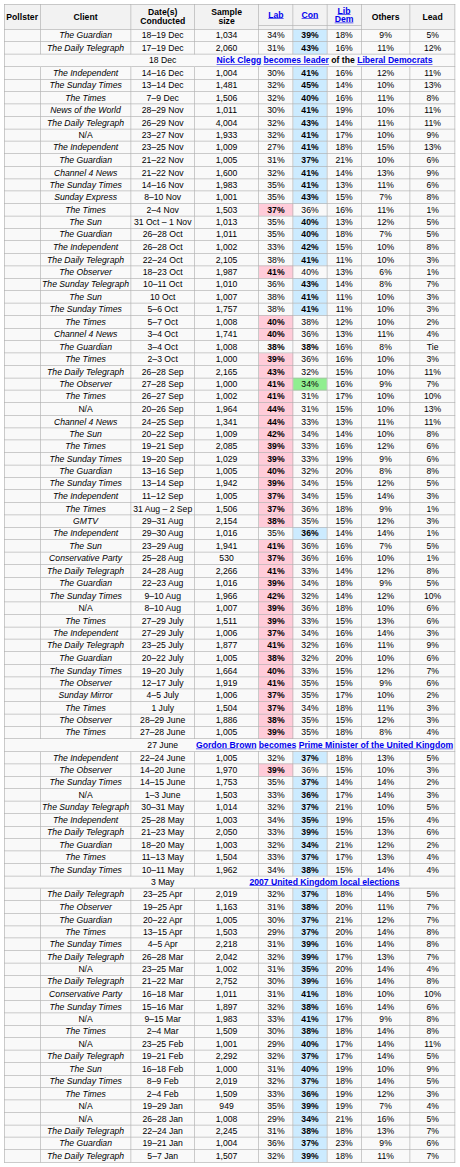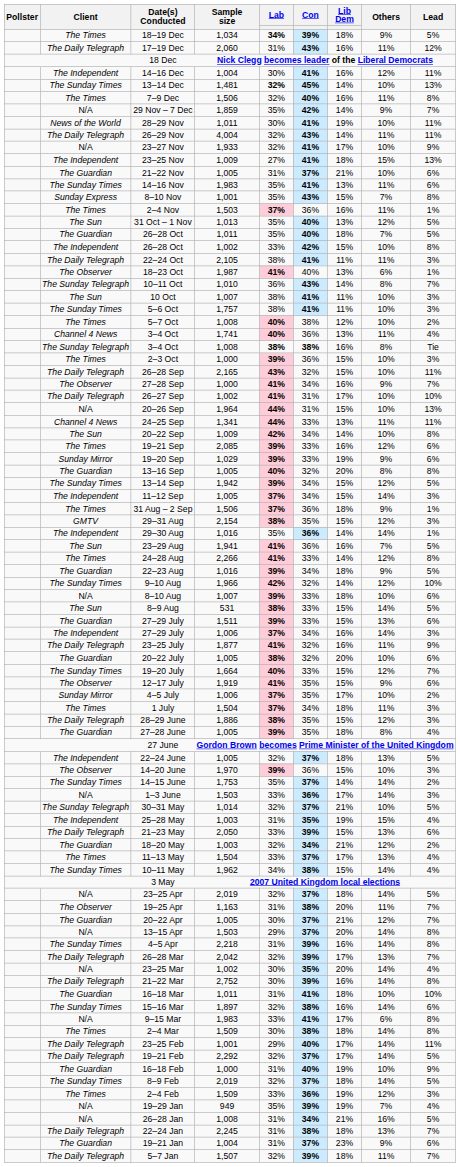 <table class="wikitable sortable mw-datatable" style="text-align:center;font-size:90%;line-height:14px;">
 <tr>
 <th rowspan="2">Pollster</th>
 <th rowspan="2">Client</th>
 <th rowspan="2">Date(s)<br>Conducted</th>
 <th rowspan="2" data-sort-type="number">Sample<br>size</th>
 <th class="unsortable" style="width:50px;"><a href='#'>Lab</a></th>
 <th class="unsortable" style="width:50px;"><a href='#'>Con</a></th>
 <th class="unsortable" style="width:50px;"><a href='#'>Lib Dem</a></th>
 <th rowspan="2" class="unsortable" style="width:75px;">Others</th>
 <th rowspan="2" data-sort-type="number">Lead</th>
 </tr>
 <tr>
 <th data-sort-type="number" style="background:"></th>
 <th data-sort-type="number" style="background:"></th>
 <th data-sort-type="number" style="background:"></th>
 </tr>
 <tr>
 <td></td>
-<td><em>The Guardian</em></td>
+<td><em>The Times</em></td>
 <td>18–19 Dec</td>
 <td>1,034</td>
-<td>34%</td>
+<td><strong>34%</strong></td>
 <td style="background:#CCEBFF;"><strong>39%</strong></td>
 <td>18%</td>
 <td>9%</td>
 <td style="background:">5%</td>
 </tr>
 <tr>
 <td></td>
 <td><em>The Daily Telegraph</em></td>
 <td>17–19 Dec</td>
 <td>2,060</td>
 <td>31%</td>
 <td style="background:#CCEBFF;"><strong>43%</strong></td>
 <td>16%</td>
 <td>11%</td>
 <td style="background:">12%</td>
 </tr>
 <tr>
 <td style="border-right-style:hidden;"></td>
 <td style="border-right-style:hidden;"></td>
 <td style="border-right-style:hidden;">18 Dec</td>
 <td colspan="6"><strong><a href='#'>Nick Clegg</a> <a href='#'>becomes leader</a> of the <a href='#'>Liberal Democrats</a></strong></td>
 </tr>
 <tr>
 <td></td>
 <td><em>The Independent</em></td>
 <td>14–16 Dec</td>
 <td>1,004</td>
 <td>30%</td>
 <td style="background:#CCEBFF;"><strong>41%</strong></td>
 <td>16%</td>
 <td>12%</td>
 <td style="background:">11%</td>
 </tr>
 <tr>
 <td></td>
 <td><em>The Sunday Times</em></td>
 <td>13–14 Dec</td>
 <td>1,481</td>
-<td>32%</td>
+<td><strong>32%</strong></td>
 <td style="background:#CCEBFF;"><strong>45%</strong></td>
 <td>14%</td>
 <td>10%</td>
 <td style="background:">13%</td>
 </tr>
 <tr>
 <td></td>
 <td><em>The Times</em></td>
 <td>7–9 Dec</td>
 <td>1,506</td>
 <td>32%</td>
 <td style="background:#CCEBFF;"><strong>40%</strong></td>
 <td>16%</td>
 <td>11%</td>
 <td style="background:">8%</td>
+</tr>
+<tr>
+<td></td>
+<td>N/A</td>
+<td>29 Nov – 7 Dec</td>
+<td>1,859</td>
+<td>35%</td>
+<td style="background:#CCEBFF;"><strong>42%</strong></td>
+<td>14%</td>
+<td>9%</td>
+<td style="background:">7%</td>
 </tr>
 <tr>
 <td></td>
 <td><em>News of the World</em></td>
 <td>28–29 Nov</td>
 <td>1,011</td>
 <td>30%</td>
 <td style="background:#CCEBFF;"><strong>41%</strong></td>
 <td>19%</td>
 <td>10%</td>
 <td style="background:">11%</td>
 </tr>
 <tr>
 <td></td>
 <td><em>The Daily Telegraph</em></td>
 <td>26–29 Nov</td>
 <td>4,004</td>
 <td>32%</td>
 <td style="background:#CCEBFF;"><strong>43%</strong></td>
 <td>14%</td>
 <td>11%</td>
 <td style="background:">11%</td>
 </tr>
 <tr>
 <td></td>
 <td>N/A</td>
 <td>23–27 Nov</td>
 <td>1,933</td>
 <td>32%</td>
 <td style="background:#CCEBFF;"><strong>41%</strong></td>
 <td>17%</td>
 <td>10%</td>
 <td style="background:">9%</td>
 </tr>
 <tr>
 <td></td>
 <td><em>The Independent</em></td>
 <td>23–25 Nov</td>
 <td>1,009</td>
 <td>27%</td>
 <td style="background:#CCEBFF;"><strong>41%</strong></td>
 <td>18%</td>
 <td>15%</td>
 <td style="background:">13%</td>
 </tr>
 <tr>
 <td></td>
 <td><em>The Guardian</em></td>
 <td>21–22 Nov</td>
 <td>1,005</td>
 <td>31%</td>
 <td style="background:#CCEBFF;"><strong>37%</strong></td>
 <td>21%</td>
 <td>10%</td>
 <td style="background:">6%</td>
-</tr>
-<tr>
-<td></td>
-<td><em>Channel 4 News</em></td>
-<td>21–22 Nov</td>
-<td>1,600</td>
-<td>32%</td>
-<td style="background:#CCEBFF;"><strong>41%</strong></td>
-<td>14%</td>
-<td>13%</td>
-<td style="background:">9%</td>
 </tr>
 <tr>
 <td></td>
 <td><em>The Sunday Times</em></td>
 <td>14–16 Nov</td>
 <td>1,983</td>
 <td>35%</td>
 <td style="background:#CCEBFF;"><strong>41%</strong></td>
 <td>13%</td>
 <td>11%</td>
 <td style="background:">6%</td>
 </tr>
 <tr>
 <td></td>
 <td><em>Sunday Express</em></td>
 <td>8–10 Nov</td>
 <td>1,001</td>
 <td>35%</td>
 <td style="background:#CCEBFF;"><strong>43%</strong></td>
 <td>15%</td>
 <td>7%</td>
 <td style="background:">8%</td>
 </tr>
 <tr>
 <td></td>
 <td><em>The Times</em></td>
 <td>2–4 Nov</td>
 <td>1,503</td>
 <td style="background:#FFCCD9;"><strong>37%</strong></td>
 <td>36%</td>
 <td>16%</td>
 <td>11%</td>
 <td style="background:">1%</td>
 </tr>
 <tr>
 <td></td>
 <td><em>The Sun</em></td>
 <td>31 Oct – 1 Nov</td>
 <td>1,013</td>
 <td>35%</td>
 <td style="background:#CCEBFF;"><strong>40%</strong></td>
 <td>13%</td>
 <td>12%</td>
 <td style="background:">5%</td>
 </tr>
 <tr>
 <td></td>
 <td><em>The Guardian</em></td>
 <td>26–28 Oct</td>
 <td>1,011</td>
 <td>35%</td>
 <td style="background:#CCEBFF;"><strong>40%</strong></td>
 <td>18%</td>
 <td>7%</td>
 <td style="background:">5%</td>
 </tr>
 <tr>
 <td></td>
 <td><em>The Independent</em></td>
 <td>26–28 Oct</td>
 <td>1,002</td>
 <td>33%</td>
 <td style="background:#CCEBFF;"><strong>42%</strong></td>
 <td>15%</td>
 <td>10%</td>
 <td style="background:">8%</td>
 </tr>
 <tr>
 <td></td>
 <td><em>The Daily Telegraph</em></td>
 <td>22–24 Oct</td>
 <td>2,105</td>
 <td>38%</td>
 <td style="background:#CCEBFF;"><strong>41%</strong></td>
 <td>11%</td>
-<td>10%</td>
+<td>11%</td>
 <td style="background:">3%</td>
 </tr>
 <tr>
 <td></td>
 <td><em>The Observer</em></td>
 <td>18–23 Oct</td>
 <td>1,987</td>
 <td style="background:#FFCCD9;"><strong>41%</strong></td>
 <td>40%</td>
 <td>13%</td>
 <td>6%</td>
 <td style="background:">1%</td>
 </tr>
 <tr>
 <td></td>
 <td><em>The Sunday Telegraph</em></td>
 <td>10–11 Oct</td>
 <td>1,010</td>
 <td>36%</td>
 <td style="background:#CCEBFF;"><strong>43%</strong></td>
 <td>14%</td>
 <td>8%</td>
 <td style="background:">7%</td>
 </tr>
 <tr>
 <td></td>
 <td><em>The Sun</em></td>
 <td>10 Oct</td>
 <td>1,007</td>
 <td>38%</td>
 <td style="background:#CCEBFF;"><strong>41%</strong></td>
 <td>11%</td>
 <td>10%</td>
 <td style="background:">3%</td>
 </tr>
 <tr>
 <td></td>
 <td><em>The Sunday Times</em></td>
 <td>5–6 Oct</td>
 <td>1,757</td>
 <td>38%</td>
 <td style="background:#CCEBFF;"><strong>41%</strong></td>
 <td>11%</td>
 <td>10%</td>
 <td style="background:">3%</td>
 </tr>
 <tr>
 <td></td>
 <td><em>The Times</em></td>
 <td>5–7 Oct</td>
 <td>1,008</td>
 <td style="background:#FFCCD9;"><strong>40%</strong></td>
 <td>38%</td>
 <td>12%</td>
 <td>10%</td>
 <td style="background:">2%</td>
 </tr>
 <tr>
 <td></td>
 <td><em>Channel 4 News</em></td>
 <td>3–4 Oct</td>
 <td>1,741</td>
 <td style="background:#FFCCD9;"><strong>40%</strong></td>
 <td>36%</td>
 <td>13%</td>
 <td>11%</td>
 <td style="background:">4%</td>
 </tr>
 <tr>
 <td></td>
-<td><em>The Guardian</em></td>
+<td><em>The Sunday Telegraph</em></td>
 <td>3–4 Oct</td>
 <td>1,008</td>
 <td><strong>38%</strong></td>
 <td><strong>38%</strong></td>
 <td>16%</td>
 <td>8%</td>
 <td>Tie</td>
 </tr>
 <tr>
 <td></td>
 <td><em>The Times</em></td>
 <td>2–3 Oct</td>
 <td>1,000</td>
 <td style="background:#FFCCD9;"><strong>39%</strong></td>
 <td>36%</td>
-<td>16%</td>
+<td>15%</td>
 <td>10%</td>
 <td style="background:">3%</td>
 </tr>
 <tr>
 <td></td>
 <td><em>The Daily Telegraph</em></td>
 <td>26–28 Sep</td>
 <td>2,165</td>
 <td style="background:#FFCCD9;"><strong>43%</strong></td>
 <td>32%</td>
 <td>15%</td>
 <td>10%</td>
 <td style="background:">11%</td>
 </tr>
 <tr>
 <td></td>
 <td><em>The Observer</em></td>
 <td>27–28 Sep</td>
 <td>1,000</td>
 <td style="background:#FFCCD9;"><strong>41%</strong></td>
-<td style="background: lightgreen;">34%</td>
+<td>34%</td>
 <td>16%</td>
 <td>9%</td>
 <td style="background:">7%</td>
 </tr>
 <tr>
 <td></td>
-<td><em>The Times</em></td>
+<td><em>The Daily Telegraph</em></td>
 <td>26–27 Sep</td>
 <td>1,002</td>
 <td style="background:#FFCCD9;"><strong>41%</strong></td>
 <td>31%</td>
 <td>17%</td>
 <td>10%</td>
 <td style="background:">10%</td>
 </tr>
 <tr>
 <td></td>
 <td>N/A</td>
 <td>20–26 Sep</td>
 <td>1,964</td>
 <td style="background:#FFCCD9;"><strong>44%</strong></td>
 <td>31%</td>
 <td>15%</td>
 <td>10%</td>
 <td style="background:">13%</td>
 </tr>
 <tr>
 <td></td>
 <td><em>Channel 4 News</em></td>
 <td>24–25 Sep</td>
 <td>1,341</td>
 <td style="background:#FFCCD9;"><strong>44%</strong></td>
 <td>33%</td>
 <td>13%</td>
 <td>11%</td>
 <td style="background:">11%</td>
 </tr>
 <tr>
 <td></td>
 <td><em>The Sun</em></td>
 <td>20–22 Sep</td>
 <td>1,009</td>
 <td style="background:#FFCCD9;"><strong>42%</strong></td>
 <td>34%</td>
 <td>14%</td>
 <td>10%</td>
 <td style="background:">8%</td>
 </tr>
 <tr>
 <td></td>
 <td><em>The Times</em></td>
 <td>19–21 Sep</td>
 <td>2,085</td>
 <td style="background:#FFCCD9;"><strong>39%</strong></td>
 <td>33%</td>
 <td>16%</td>
 <td>12%</td>
 <td style="background:">6%</td>
 </tr>
 <tr>
 <td></td>
-<td><em>The Sunday Times</em></td>
+<td><em>Sunday Mirror</em></td>
 <td>19–20 Sep</td>
 <td>1,029</td>
 <td style="background:#FFCCD9;"><strong>39%</strong></td>
 <td>33%</td>
 <td>19%</td>
 <td>9%</td>
 <td style="background:">6%</td>
 </tr>
 <tr>
 <td></td>
 <td><em>The Guardian</em></td>
 <td>13–16 Sep</td>
 <td>1,005</td>
 <td style="background:#FFCCD9;"><strong>40%</strong></td>
 <td>32%</td>
 <td>20%</td>
 <td>8%</td>
 <td style="background:">8%</td>
 </tr>
 <tr>
 <td></td>
 <td><em>The Sunday Times</em></td>
 <td>13–14 Sep</td>
 <td>1,942</td>
 <td style="background:#FFCCD9;"><strong>39%</strong></td>
 <td>34%</td>
 <td>15%</td>
 <td>12%</td>
 <td style="background:">5%</td>
 </tr>
 <tr>
 <td></td>
 <td><em>The Independent</em></td>
 <td>11–12 Sep</td>
 <td>1,005</td>
 <td style="background:#FFCCD9;"><strong>37%</strong></td>
 <td>34%</td>
 <td>15%</td>
 <td>14%</td>
 <td style="background:">3%</td>
 </tr>
 <tr>
 <td></td>
 <td><em>The Times</em></td>
 <td>31 Aug – 2 Sep</td>
 <td>1,506</td>
 <td style="background:#FFCCD9;"><strong>37%</strong></td>
 <td>36%</td>
 <td>18%</td>
 <td>9%</td>
 <td style="background:">1%</td>
 </tr>
 <tr>
 <td></td>
 <td><em>GMTV</em></td>
 <td>29–31 Aug</td>
 <td>2,154</td>
 <td style="background:#FFCCD9;"><strong>38%</strong></td>
 <td>35%</td>
 <td>15%</td>
 <td>12%</td>
 <td style="background:">3%</td>
 </tr>
 <tr>
 <td></td>
 <td><em>The Independent</em></td>
 <td>29–30 Aug</td>
 <td>1,016</td>
 <td>35%</td>
 <td style="background:#CCEBFF;"><strong>36%</strong></td>
 <td>14%</td>
 <td>14%</td>
 <td style="background:">1%</td>
 </tr>
 <tr>
 <td></td>
 <td><em>The Sun</em></td>
 <td>23–29 Aug</td>
 <td>1,941</td>
 <td style="background:#FFCCD9;"><strong>41%</strong></td>
 <td>36%</td>
 <td>16%</td>
 <td>7%</td>
 <td style="background:">5%</td>
 </tr>
 <tr>
 <td></td>
-<td><em>Conservative Party</em></td>
-<td>25–28 Aug</td>
-<td>530</td>
-<td style="background:#FFCCD9;"><strong>37%</strong></td>
-<td>36%</td>
-<td>16%</td>
-<td>10%</td>
-<td style="background:">1%</td>
-</tr>
-<tr>
-<td></td>
-<td><em>The Daily Telegraph</em></td>
+<td><em>The Times</em></td>
 <td>24–28 Aug</td>
 <td>2,266</td>
 <td style="background:#FFCCD9;"><strong>41%</strong></td>
 <td>33%</td>
 <td>14%</td>
 <td>12%</td>
 <td style="background:">8%</td>
 </tr>
 <tr>
 <td></td>
 <td><em>The Guardian</em></td>
 <td>22–23 Aug</td>
 <td>1,016</td>
 <td style="background:#FFCCD9;"><strong>39%</strong></td>
 <td>34%</td>
 <td>18%</td>
 <td>9%</td>
 <td style="background:">5%</td>
 </tr>
 <tr>
 <td></td>
 <td><em>The Sunday Times</em></td>
 <td>9–10 Aug</td>
 <td>1,966</td>
 <td style="background:#FFCCD9;"><strong>42%</strong></td>
 <td>32%</td>
 <td>14%</td>
 <td>12%</td>
 <td style="background:">10%</td>
 </tr>
 <tr>
 <td></td>
 <td>N/A</td>
 <td>8–10 Aug</td>
 <td>1,007</td>
 <td style="background:#FFCCD9;"><strong>39%</strong></td>
-<td>36%</td>
+<td>33%</td>
 <td>18%</td>
 <td>10%</td>
 <td style="background:">6%</td>
 </tr>
 <tr>
 <td></td>
-<td><em>The Times</em></td>
+<td><em>The Sun</em></td>
+<td>8–9 Aug</td>
+<td>531</td>
+<td style="background:#FFCCD9;"><strong>38%</strong></td>
+<td>33%</td>
+<td>15%</td>
+<td>14%</td>
+<td style="background:">5%</td>
+</tr>
+<tr>
+<td></td>
+<td><em>The Guardian</em></td>
 <td>27–29 July</td>
 <td>1,511</td>
 <td style="background:#FFCCD9;"><strong>39%</strong></td>
 <td>33%</td>
 <td>15%</td>
 <td>13%</td>
 <td style="background:">6%</td>
 </tr>
 <tr>
 <td></td>
 <td><em>The Independent</em></td>
 <td>27–29 July</td>
 <td>1,006</td>
 <td style="background:#FFCCD9;"><strong>37%</strong></td>
 <td>34%</td>
 <td>16%</td>
 <td>14%</td>
 <td style="background:">3%</td>
 </tr>
 <tr>
 <td></td>
 <td><em>The Daily Telegraph</em></td>
 <td>23–25 July</td>
 <td>1,877</td>
 <td style="background:#FFCCD9;"><strong>41%</strong></td>
 <td>32%</td>
 <td>16%</td>
 <td>11%</td>
 <td style="background:">9%</td>
 </tr>
 <tr>
 <td></td>
 <td><em>The Guardian</em></td>
 <td>20–22 July</td>
 <td>1,005</td>
 <td style="background:#FFCCD9;"><strong>38%</strong></td>
 <td>32%</td>
 <td>20%</td>
 <td>10%</td>
 <td style="background:">6%</td>
 </tr>
 <tr>
 <td></td>
 <td><em>The Sunday Times</em></td>
 <td>19–20 July</td>
 <td>1,664</td>
 <td style="background:#FFCCD9;"><strong>40%</strong></td>
 <td>33%</td>
 <td>15%</td>
 <td>12%</td>
 <td style="background:">7%</td>
 </tr>
 <tr>
 <td></td>
 <td><em>The Observer</em></td>
 <td>12–17 July</td>
 <td>1,919</td>
 <td style="background:#FFCCD9;"><strong>41%</strong></td>
 <td>35%</td>
 <td>15%</td>
 <td>9%</td>
 <td style="background:">6%</td>
 </tr>
 <tr>
 <td></td>
 <td><em>Sunday Mirror</em></td>
 <td>4–5 July</td>
 <td>1,006</td>
 <td style="background:#FFCCD9;"><strong>37%</strong></td>
 <td>35%</td>
 <td>17%</td>
 <td>10%</td>
 <td style="background:">2%</td>
 </tr>
 <tr>
 <td></td>
 <td><em>The Times</em></td>
 <td>1 July</td>
 <td>1,504</td>
 <td style="background:#FFCCD9;"><strong>37%</strong></td>
 <td>34%</td>
 <td>18%</td>
 <td>11%</td>
 <td style="background:">3%</td>
 </tr>
 <tr>
 <td></td>
-<td><em>The Observer</em></td>
+<td><em>The Daily Telegraph</em></td>
 <td>28–29 June</td>
 <td>1,886</td>
 <td style="background:#FFCCD9;"><strong>38%</strong></td>
 <td>35%</td>
 <td>15%</td>
 <td>12%</td>
 <td style="background:">3%</td>
 </tr>
 <tr>
 <td></td>
-<td><em>The Times</em></td>
+<td><em>The Guardian</em></td>
 <td>27–28 June</td>
 <td>1,005</td>
 <td style="background:#FFCCD9;"><strong>39%</strong></td>
 <td>35%</td>
 <td>18%</td>
 <td>8%</td>
 <td style="background:">4%</td>
 </tr>
 <tr>
 <td style="border-right-style:hidden;"></td>
 <td style="border-right-style:hidden;"></td>
 <td style="border-right-style:hidden;">27 June</td>
 <td colspan="6"><strong><a href='#'>Gordon Brown</a> <a href='#'>becomes</a> <a href='#'>Prime Minister of the United Kingdom</a></strong></td>
 </tr>
 <tr>
 <td></td>
 <td><em>The Independent</em></td>
 <td>22–24 June</td>
 <td>1,005</td>
 <td>32%</td>
 <td style="background:#CCEBFF;"><strong>37%</strong></td>
 <td>18%</td>
 <td>13%</td>
 <td style="background:">5%</td>
 </tr>
 <tr>
 <td></td>
 <td><em>The Observer</em></td>
 <td>14–20 June</td>
 <td>1,970</td>
 <td style="background:#FFCCD9;"><strong>39%</strong></td>
 <td>36%</td>
 <td>15%</td>
 <td>10%</td>
 <td style="background:">3%</td>
 </tr>
 <tr>
 <td></td>
 <td><em>The Sunday Times</em></td>
 <td>14–15 June</td>
 <td>1,753</td>
 <td>35%</td>
 <td style="background:#CCEBFF;"><strong>37%</strong></td>
 <td>14%</td>
 <td>14%</td>
 <td style="background:">2%</td>
 </tr>
 <tr>
 <td></td>
 <td>N/A</td>
 <td>1–3 June</td>
 <td>1,503</td>
 <td>33%</td>
 <td style="background:#CCEBFF;"><strong>36%</strong></td>
 <td>17%</td>
 <td>14%</td>
 <td style="background:">3%</td>
 </tr>
 <tr>
 <td></td>
 <td><em>The Sunday Telegraph</em></td>
 <td>30–31 May</td>
 <td>1,014</td>
 <td>32%</td>
 <td style="background:#CCEBFF;"><strong>37%</strong></td>
 <td>21%</td>
 <td>10%</td>
 <td style="background:">5%</td>
 </tr>
 <tr>
 <td></td>
 <td><em>The Independent</em></td>
 <td>25–28 May</td>
 <td>1,003</td>
-<td>34%</td>
+<td>31%</td>
 <td style="background:#CCEBFF;"><strong>35%</strong></td>
 <td>19%</td>
 <td>15%</td>
 <td style="background:">4%</td>
 </tr>
 <tr>
 <td></td>
 <td><em>The Daily Telegraph</em></td>
 <td>21–23 May</td>
 <td>2,050</td>
 <td>33%</td>
 <td style="background:#CCEBFF;"><strong>39%</strong></td>
 <td>15%</td>
 <td>13%</td>
 <td style="background:">6%</td>
 </tr>
 <tr>
 <td></td>
 <td><em>The Guardian</em></td>
 <td>18–20 May</td>
 <td>1,003</td>
 <td>32%</td>
 <td style="background:#CCEBFF;"><strong>34%</strong></td>
 <td>21%</td>
 <td>12%</td>
 <td style="background:">2%</td>
 </tr>
 <tr>
 <td></td>
 <td><em>The Times</em></td>
 <td>11–13 May</td>
 <td>1,504</td>
 <td>33%</td>
 <td style="background:#CCEBFF;"><strong>37%</strong></td>
 <td>17%</td>
 <td>13%</td>
 <td style="background:">4%</td>
 </tr>
 <tr>
 <td></td>
 <td><em>The Sunday Times</em></td>
 <td>10–11 May</td>
 <td>1,962</td>
 <td>34%</td>
 <td style="background:#CCEBFF;"><strong>38%</strong></td>
 <td>15%</td>
 <td>14%</td>
 <td style="background:">4%</td>
 </tr>
 <tr>
 <td style="border-right-style:hidden;"></td>
 <td style="border-right-style:hidden;"></td>
 <td style="border-right-style:hidden;">3 May</td>
 <td colspan="6"><strong><a href='#'>2007 United Kingdom local elections</a></strong></td>
 </tr>
 <tr>
 <td></td>
-<td><em>The Daily Telegraph</em></td>
+<td>N/A</td>
 <td>23–25 Apr</td>
 <td>2,019</td>
 <td>32%</td>
 <td style="background:#CCEBFF;"><strong>37%</strong></td>
 <td>18%</td>
 <td>14%</td>
 <td style="background:">5%</td>
 </tr>
 <tr>
 <td></td>
 <td><em>The Observer</em></td>
 <td>19–25 Apr</td>
 <td>1,163</td>
 <td>31%</td>
 <td style="background:#CCEBFF;"><strong>38%</strong></td>
 <td>20%</td>
 <td>11%</td>
 <td style="background:">7%</td>
 </tr>
 <tr>
 <td></td>
 <td><em>The Guardian</em></td>
 <td>20–22 Apr</td>
 <td>1,005</td>
 <td>30%</td>
 <td style="background:#CCEBFF;"><strong>37%</strong></td>
 <td>21%</td>
 <td>12%</td>
 <td style="background:">7%</td>
 </tr>
 <tr>
 <td></td>
-<td><em>The Times</em></td>
+<td>N/A</td>
 <td>13–15 Apr</td>
 <td>1,503</td>
 <td>29%</td>
 <td style="background:#CCEBFF;"><strong>37%</strong></td>
 <td>20%</td>
 <td>14%</td>
 <td style="background:">8%</td>
 </tr>
 <tr>
 <td></td>
 <td><em>The Sunday Times</em></td>
 <td>4–5 Apr</td>
 <td>2,218</td>
 <td>31%</td>
 <td style="background:#CCEBFF;"><strong>39%</strong></td>
 <td>16%</td>
 <td>14%</td>
 <td style="background:">8%</td>
 </tr>
 <tr>
 <td></td>
 <td><em>The Daily Telegraph</em></td>
 <td>26–28 Mar</td>
 <td>2,042</td>
 <td>32%</td>
 <td style="background:#CCEBFF;"><strong>39%</strong></td>
 <td>17%</td>
 <td>13%</td>
 <td style="background:">7%</td>
 </tr>
 <tr>
 <td></td>
 <td>N/A</td>
 <td>23–25 Mar</td>
 <td>1,002</td>
-<td>31%</td>
+<td>30%</td>
 <td style="background:#CCEBFF;"><strong>35%</strong></td>
 <td>20%</td>
 <td>14%</td>
 <td style="background:">4%</td>
 </tr>
 <tr>
 <td></td>
 <td><em>The Daily Telegraph</em></td>
 <td>21–22 Mar</td>
 <td>2,752</td>
 <td>30%</td>
 <td style="background:#CCEBFF;"><strong>39%</strong></td>
 <td>16%</td>
 <td>14%</td>
 <td style="background:">8%</td>
 </tr>
 <tr>
 <td></td>
-<td><em>Conservative Party</em></td>
+<td><em>The Guardian</em></td>
 <td>16–18 Mar</td>
 <td>1,011</td>
 <td>31%</td>
 <td style="background:#CCEBFF;"><strong>41%</strong></td>
 <td>18%</td>
 <td>10%</td>
 <td style="background:">10%</td>
 </tr>
 <tr>
 <td></td>
 <td><em>The Sunday Times</em></td>
 <td>15–16 Mar</td>
 <td>1,897</td>
 <td>32%</td>
 <td style="background:#CCEBFF;"><strong>38%</strong></td>
 <td>16%</td>
 <td>14%</td>
 <td style="background:">6%</td>
 </tr>
 <tr>
 <td></td>
 <td>N/A</td>
 <td>9–15 Mar</td>
 <td>1,983</td>
 <td>33%</td>
 <td style="background:#CCEBFF;"><strong>41%</strong></td>
 <td>17%</td>
-<td>9%</td>
+<td>6%</td>
 <td style="background:">8%</td>
 </tr>
 <tr>
 <td></td>
 <td><em>The Times</em></td>
 <td>2–4 Mar</td>
 <td>1,509</td>
 <td>30%</td>
 <td style="background:#CCEBFF;"><strong>38%</strong></td>
 <td>18%</td>
 <td>14%</td>
 <td style="background:">8%</td>
 </tr>
 <tr>
 <td></td>
-<td>N/A</td>
+<td><em>The Daily Telegraph</em></td>
 <td>23–25 Feb</td>
 <td>1,001</td>
 <td>29%</td>
 <td style="background:#CCEBFF;"><strong>40%</strong></td>
 <td>17%</td>
 <td>14%</td>
 <td style="background:">11%</td>
 </tr>
 <tr>
 <td></td>
 <td><em>The Daily Telegraph</em></td>
 <td>19–21 Feb</td>
 <td>2,292</td>
 <td>32%</td>
 <td style="background:#CCEBFF;"><strong>37%</strong></td>
 <td>17%</td>
 <td>14%</td>
 <td style="background:">5%</td>
 </tr>
 <tr>
 <td></td>
-<td><em>The Sun</em></td>
+<td><em>The Guardian</em></td>
 <td>16–18 Feb</td>
 <td>1,000</td>
 <td>31%</td>
 <td style="background:#CCEBFF;"><strong>40%</strong></td>
 <td>19%</td>
 <td>10%</td>
 <td style="background:">9%</td>
 </tr>
 <tr>
 <td></td>
 <td><em>The Sunday Times</em></td>
 <td>8–9 Feb</td>
 <td>2,019</td>
 <td>32%</td>
 <td style="background:#CCEBFF;"><strong>37%</strong></td>
 <td>18%</td>
 <td>14%</td>
 <td style="background:">5%</td>
 </tr>
 <tr>
 <td></td>
 <td><em>The Times</em></td>
 <td>2–4 Feb</td>
 <td>1,509</td>
 <td>33%</td>
 <td style="background:#CCEBFF;"><strong>36%</strong></td>
 <td>19%</td>
 <td>12%</td>
 <td style="background:">3%</td>
 </tr>
 <tr>
 <td></td>
 <td>N/A</td>
 <td>19–29 Jan</td>
 <td>949</td>
 <td>35%</td>
 <td style="background:#CCEBFF;"><strong>39%</strong></td>
 <td>19%</td>
 <td>7%</td>
 <td style="background:">4%</td>
 </tr>
 <tr>
 <td></td>
 <td>N/A</td>
 <td>26–28 Jan</td>
 <td>1,008</td>
-<td>29%</td>
+<td>31%</td>
 <td style="background:#CCEBFF;"><strong>34%</strong></td>
 <td>21%</td>
 <td>16%</td>
 <td style="background:">5%</td>
 </tr>
 <tr>
 <td></td>
 <td><em>The Daily Telegraph</em></td>
 <td>22–24 Jan</td>
 <td>2,245</td>
 <td>31%</td>
 <td style="background:#CCEBFF;"><strong>38%</strong></td>
 <td>18%</td>
 <td>13%</td>
 <td style="background:">7%</td>
 </tr>
 <tr>
 <td></td>
 <td><em>The Guardian</em></td>
 <td>19–21 Jan</td>
 <td>1,004</td>
-<td>36%</td>
+<td>31%</td>
 <td style="background:#CCEBFF;"><strong>37%</strong></td>
 <td>23%</td>
 <td>9%</td>
 <td style="background:">6%</td>
 </tr>
 <tr>
 <td></td>
 <td><em>The Daily Telegraph</em></td>
 <td>5–7 Jan</td>
 <td>1,507</td>
 <td>32%</td>
 <td style="background:#CCEBFF;"><strong>39%</strong></td>
 <td>18%</td>
 <td>11%</td>
 <td style="background:">7%</td>
 </tr>
 </table>
